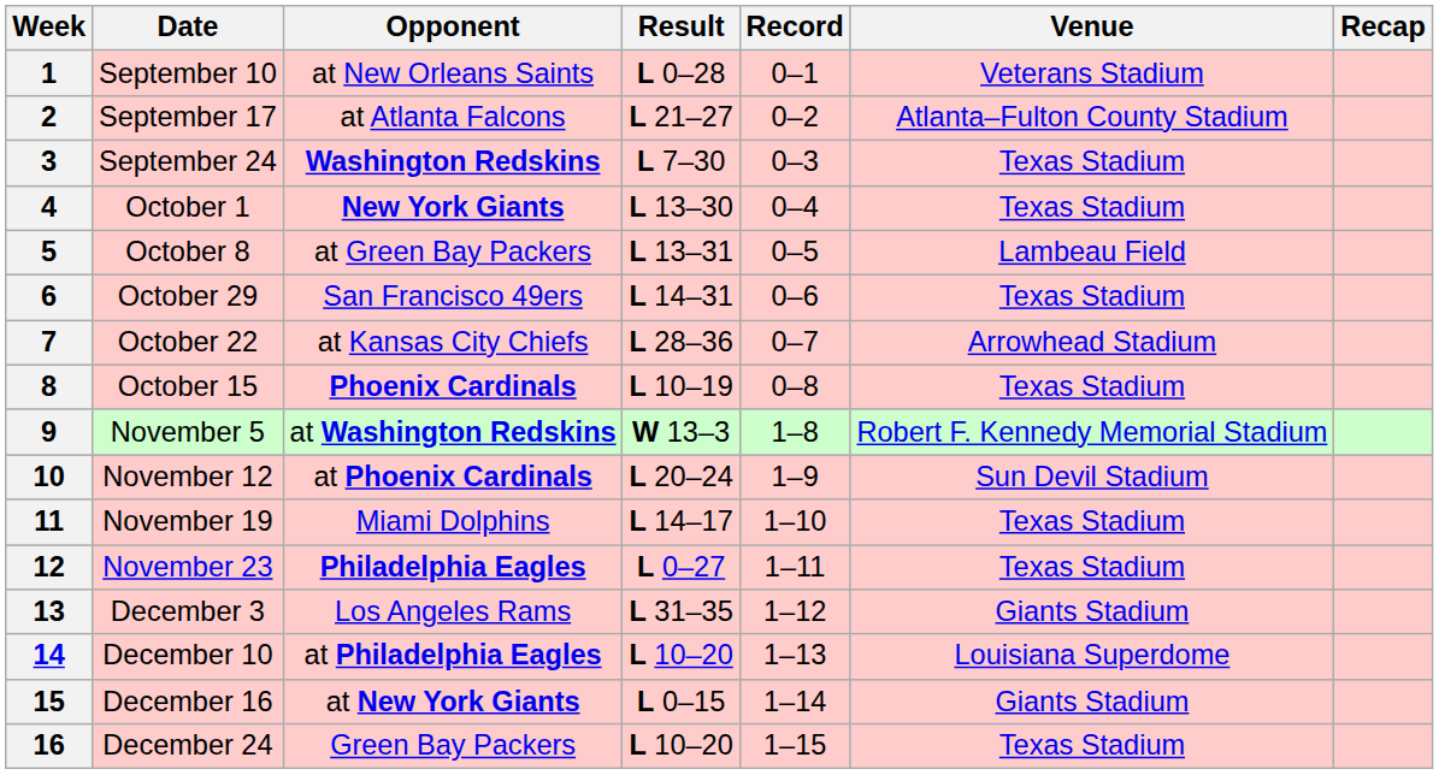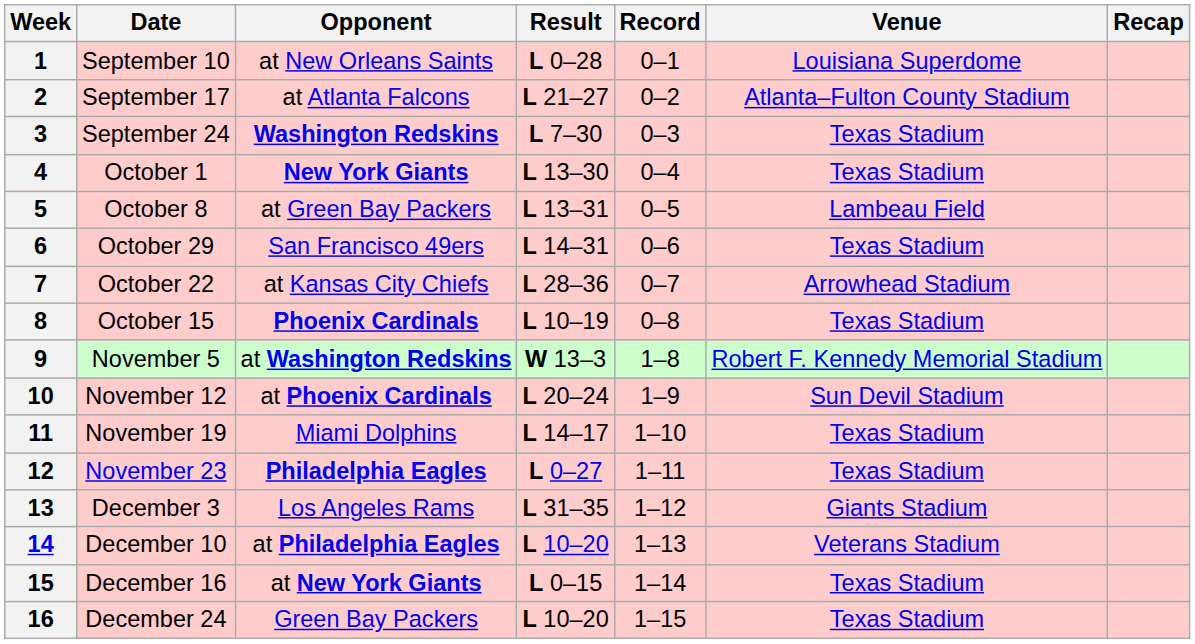 <table class="wikitable" style="text-align:center">
 <tr>
 <th>Week</th>
 <th>Date</th>
 <th>Opponent</th>
 <th>Result</th>
 <th>Record</th>
 <th>Venue</th>
 <th>Recap</th>
 </tr>
 <tr bgcolor="#fcc">
 <th>1</th>
 <td>September 10</td>
 <td>at <a href='#'>New Orleans Saints</a></td>
 <td><strong>L</strong> 0–28</td>
 <td>0–1</td>
-<td><a href='#'>Veterans Stadium</a></td>
+<td><a href='#'>Louisiana Superdome</a></td>
 <td></td>
 </tr>
 <tr bgcolor="#fcc">
 <th>2</th>
 <td>September 17</td>
 <td>at <a href='#'>Atlanta Falcons</a></td>
 <td><strong>L</strong> 21–27</td>
 <td>0–2</td>
 <td><a href='#'>Atlanta–Fulton County Stadium</a></td>
 <td></td>
 </tr>
 <tr bgcolor="#fcc">
 <th>3</th>
 <td>September 24</td>
 <td><strong><a href='#'>Washington Redskins</a></strong></td>
 <td><strong>L</strong> 7–30</td>
 <td>0–3</td>
 <td><a href='#'>Texas Stadium</a></td>
 <td></td>
 </tr>
 <tr bgcolor="#fcc">
 <th>4</th>
 <td>October 1</td>
 <td><strong><a href='#'>New York Giants</a></strong></td>
 <td><strong>L</strong> 13–30</td>
 <td>0–4</td>
 <td><a href='#'>Texas Stadium</a></td>
 <td></td>
 </tr>
 <tr bgcolor="#fcc">
 <th>5</th>
 <td>October 8</td>
 <td>at <a href='#'>Green Bay Packers</a></td>
 <td><strong>L</strong> 13–31</td>
 <td>0–5</td>
 <td><a href='#'>Lambeau Field</a></td>
 <td></td>
 </tr>
 <tr bgcolor="#fcc">
 <th>6</th>
 <td>October 29</td>
 <td><a href='#'>San Francisco 49ers</a></td>
 <td><strong>L</strong> 14–31</td>
 <td>0–6</td>
 <td><a href='#'>Texas Stadium</a></td>
 <td></td>
 </tr>
 <tr bgcolor="#fcc">
 <th>7</th>
 <td>October 22</td>
 <td>at <a href='#'>Kansas City Chiefs</a></td>
 <td><strong>L</strong> 28–36</td>
 <td>0–7</td>
 <td><a href='#'>Arrowhead Stadium</a></td>
 <td></td>
 </tr>
 <tr bgcolor="#fcc">
 <th>8</th>
 <td>October 15</td>
 <td><strong><a href='#'>Phoenix Cardinals</a></strong></td>
 <td><strong>L</strong> 10–19</td>
 <td>0–8</td>
 <td><a href='#'>Texas Stadium</a></td>
 <td></td>
 </tr>
 <tr bgcolor="#cfc">
 <th>9</th>
 <td>November 5</td>
 <td>at <strong><a href='#'>Washington Redskins</a></strong></td>
 <td><strong>W</strong> 13–3</td>
 <td>1–8</td>
 <td><a href='#'>Robert F. Kennedy Memorial Stadium</a></td>
 <td></td>
 </tr>
 <tr bgcolor="#fcc">
 <th>10</th>
 <td>November 12</td>
 <td>at <strong><a href='#'>Phoenix Cardinals</a></strong></td>
 <td><strong>L</strong> 20–24</td>
 <td>1–9</td>
 <td><a href='#'>Sun Devil Stadium</a></td>
 <td></td>
 </tr>
 <tr bgcolor="#fcc">
 <th>11</th>
 <td>November 19</td>
 <td><a href='#'>Miami Dolphins</a></td>
 <td><strong>L</strong> 14–17</td>
 <td>1–10</td>
 <td><a href='#'>Texas Stadium</a></td>
 <td></td>
 </tr>
 <tr bgcolor="#fcc">
 <th>12</th>
 <td><a href='#'>November 23</a></td>
 <td><strong><a href='#'>Philadelphia Eagles</a></strong></td>
 <td><strong>L</strong> <a href='#'>0–27</a></td>
 <td>1–11</td>
 <td><a href='#'>Texas Stadium</a></td>
 <td></td>
 </tr>
 <tr bgcolor="#fcc">
 <th>13</th>
 <td>December 3</td>
 <td><a href='#'>Los Angeles Rams</a></td>
 <td><strong>L</strong> 31–35</td>
 <td>1–12</td>
 <td><a href='#'>Giants Stadium</a></td>
 <td></td>
 </tr>
 <tr bgcolor="#fcc">
 <th><a href='#'>14</a></th>
 <td>December 10</td>
 <td>at <strong><a href='#'>Philadelphia Eagles</a></strong></td>
 <td><strong>L</strong> <a href='#'>10–20</a></td>
 <td>1–13</td>
-<td><a href='#'>Louisiana Superdome</a></td>
+<td><a href='#'>Veterans Stadium</a></td>
 <td></td>
 </tr>
 <tr bgcolor="#fcc">
 <th>15</th>
 <td>December 16</td>
 <td>at <strong><a href='#'>New York Giants</a></strong></td>
 <td><strong>L</strong> 0–15</td>
 <td>1–14</td>
-<td><a href='#'>Giants Stadium</a></td>
+<td><a href='#'>Texas Stadium</a></td>
 <td></td>
 </tr>
 <tr bgcolor="#fcc">
 <th>16</th>
 <td>December 24</td>
 <td><a href='#'>Green Bay Packers</a></td>
 <td><strong>L</strong> 10–20</td>
 <td>1–15</td>
 <td><a href='#'>Texas Stadium</a></td>
 <td></td>
 </tr>
 </table>
